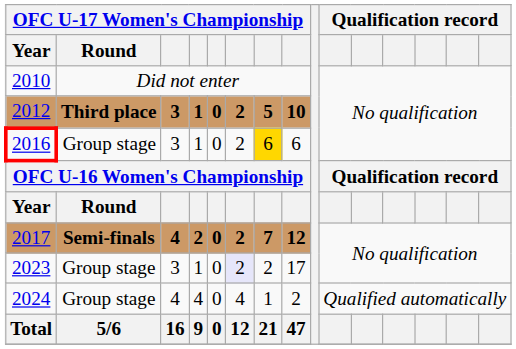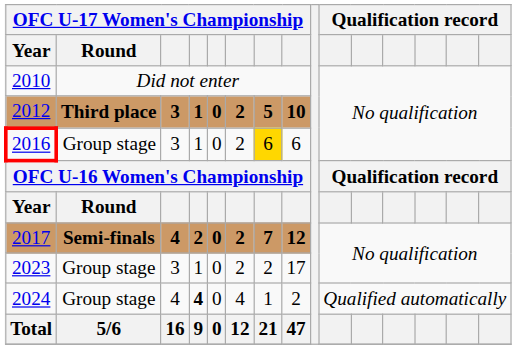 <table class="wikitable" style="text-align: center;">
 <tr>
 <th colspan=8><a href='#'>OFC U-17 Women's Championship</a></th>
 <th rowspan=30></th>
 <th colspan=6>Qualification record</th>
 </tr>
 <tr>
 <th>Year</th>
 <th>Round</th>
 <th></th>
 <th></th>
 <th></th>
 <th></th>
 <th></th>
 <th></th>
 <th></th>
 <th></th>
 <th></th>
 <th></th>
 <th></th>
 <th></th>
 </tr>
 <tr>
 <td> <a href='#'>2010</a></td>
 <td colspan=8><em>Did not enter</em></td>
 <td colspan=6 rowspan=3><em>No qualification</em></td>
 </tr>
 <tr bgcolor=#cc9966>
 <td> <a href='#'>2012</a></td>
 <td><strong>Third place</strong></td>
 <td><strong>3</strong></td>
 <td><strong>1</strong></td>
 <td><strong>0</strong></td>
 <td><strong>2</strong></td>
 <td><strong>5</strong></td>
 <td><strong>10</strong></td>
 </tr>
 <tr>
 <td style="border: 3px solid red"> <a href='#'>2016</a></td>
 <td>Group stage</td>
 <td>3</td>
 <td>1</td>
 <td>0</td>
 <td>2</td>
 <td style="background: gold;">6</td>
 <td>6</td>
 </tr>
 <tr>
 <th colspan=8><a href='#'>OFC U-16 Women's Championship</a></th>
 <th colspan=6>Qualification record</th>
 </tr>
 <tr>
 <th>Year</th>
 <th>Round</th>
 <th></th>
 <th></th>
 <th></th>
 <th></th>
 <th></th>
 <th></th>
 <th></th>
 <th></th>
 <th></th>
 <th></th>
 <th></th>
 <th></th>
 </tr>
 <tr>
 <td bgcolor=#cc9966> <a href='#'>2017</a></td>
 <td bgcolor=#cc9966><strong>Semi-finals</strong></td>
 <td bgcolor=#cc9966><strong>4</strong></td>
 <td bgcolor=#cc9966><strong>2</strong></td>
 <td bgcolor=#cc9966><strong>0</strong></td>
 <td bgcolor=#cc9966><strong>2</strong></td>
 <td bgcolor=#cc9966><strong>7</strong></td>
 <td bgcolor=#cc9966><strong>12</strong></td>
 <td colspan=6 rowspan=2><em>No qualification</em></td>
 </tr>
 <tr>
 <td> <a href='#'>2023</a></td>
 <td>Group stage</td>
 <td>3</td>
 <td>1</td>
 <td>0</td>
-<td style="background: lavender;">2</td>
+<td>2</td>
 <td>2</td>
 <td>17</td>
 </tr>
 <tr>
 <td> <a href='#'>2024</a></td>
 <td>Group stage</td>
 <td>4</td>
-<td>4</td>
+<td><strong>4</strong></td>
 <td>0</td>
 <td>4</td>
 <td>1</td>
 <td>2</td>
 <td colspan=6><em>Qualified automatically</em></td>
 </tr>
 <tr>
 <th><strong>Total</strong></th>
 <th><strong>5/6</strong></th>
 <th><strong>16</strong></th>
 <th><strong>9</strong></th>
 <th><strong>0</strong></th>
 <th><strong>12</strong></th>
 <th><strong>21</strong></th>
 <th><strong>47</strong></th>
 <th></th>
 <th></th>
 <th></th>
 <th></th>
 <th></th>
 <th></th>
 </tr>
 <tr>
 </tr>
 </table>
